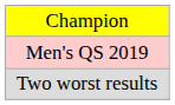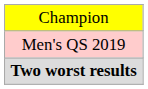 <table class="wikitable"  style="width:15%; text-align:center;">
 <tr>
 <td style="background:yellow;">Champion</td>
 </tr>
 <tr>
 <td style="background:#fcc;">Men's QS 2019</td>
 </tr>
 <tr>
-<td style="background:#dcdcdc;">Two worst results</td>
+<td style="background:#dcdcdc;"><strong>Two worst results</strong></td>
 </tr>
 </table>
